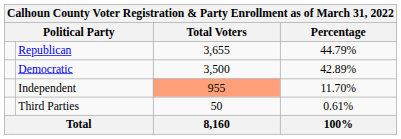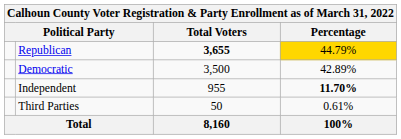 <table class=wikitable>
 <tr>
 <th colspan = 6>Calhoun County Voter Registration & Party Enrollment as of March 31, 2022</th>
 </tr>
 <tr>
 <th colspan = 2>Political Party</th>
 <th>Total Voters</th>
 <th>Percentage</th>
 </tr>
 <tr>
 <td></td>
 <td><a href='#'>Republican</a></td>
-<td style="text-align:center;">3,655</td>
-<td style="text-align:center;">44.79%</td>
+<td style="text-align:center;"><strong>3,655</strong></td>
+<td style="background: gold; text-align:center;">44.79%</td>
 </tr>
 <tr>
 <td></td>
 <td><a href='#'>Democratic</a></td>
 <td style="text-align:center;">3,500</td>
 <td style="text-align:center;">42.89%</td>
 </tr>
 <tr>
 <td></td>
 <td>Independent</td>
-<td style="background: lightsalmon; text-align:center;">955</td>
-<td style="text-align:center;">11.70%</td>
+<td style="text-align:center;">955</td>
+<td style="text-align:center;"><strong>11.70%</strong></td>
 </tr>
 <tr>
 <td></td>
 <td>Third Parties</td>
 <td style="text-align:center;">50</td>
 <td style="text-align:center;">0.61%</td>
 </tr>
 <tr>
 <th colspan = 2>Total</th>
 <th style="text-align:center;">8,160</th>
 <th style="text-align:center;">100%</th>
 </tr>
 </table>
